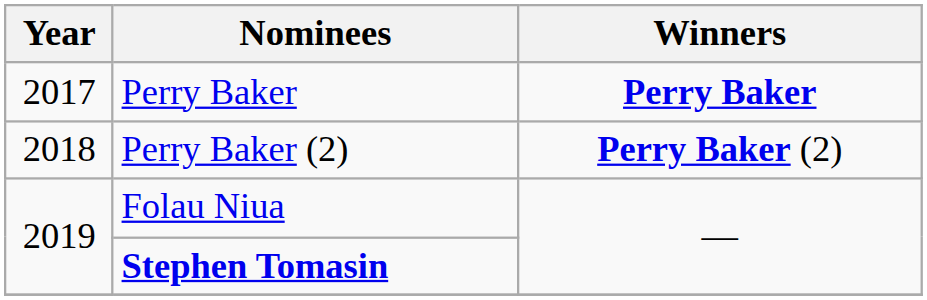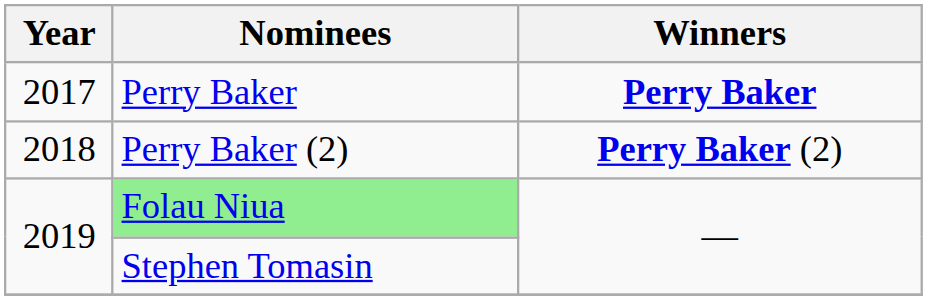 <table class="wikitable">
 <tr>
 <th width=40>Year</th>
 <th width=170>Nominees</th>
 <th width=170>Winners</th>
 </tr>
 <tr>
 <td align=center>2017</td>
 <td><a href='#'>Perry Baker</a></td>
 <td align=center><strong><a href='#'>Perry Baker</a></strong></td>
 </tr>
 <tr>
 <td align=center>2018</td>
 <td><a href='#'>Perry Baker</a> (2)</td>
 <td align=center><strong><a href='#'>Perry Baker</a></strong> (2)</td>
 </tr>
 <tr>
 <td align=center rowspan=2>2019</td>
-<td><a href='#'>Folau Niua</a></td>
+<td style="background: lightgreen;"><a href='#'>Folau Niua</a></td>
 <td align=center rowspan=2>—</td>
 </tr>
 <tr>
-<td><strong><a href='#'>Stephen Tomasin</a></strong></td>
+<td><a href='#'>Stephen Tomasin</a></td>
 </tr>
 <tr>
 </tr>
 </table>
